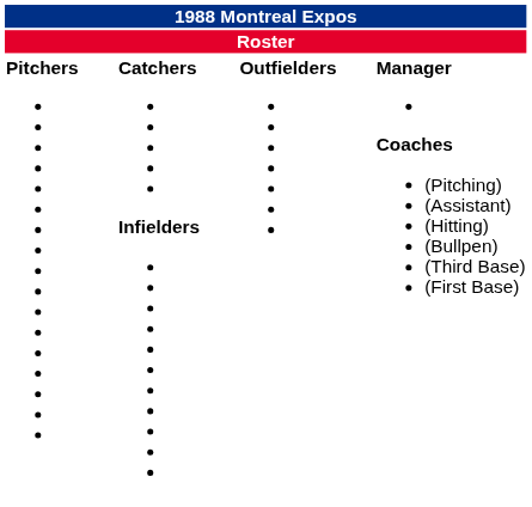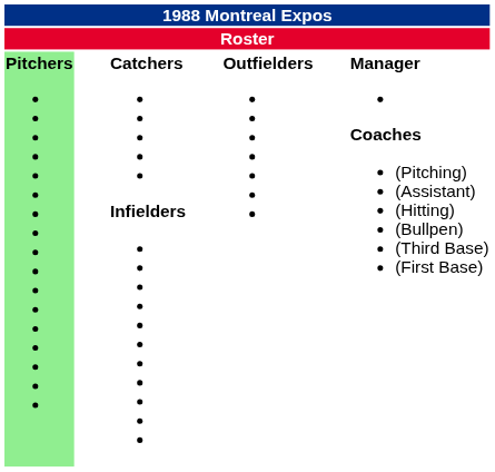 <table class="toccolours" style="font-size: 95%;">
 <tr>
 <th colspan="10" style="background-color: #003087; color: #FFFFFF; text-align: center;">1988 Montreal Expos</th>
 </tr>
 <tr>
 <td colspan="10" style="background-color: #E4002B; color: #FFFFFF; text-align: center;"><strong>Roster</strong></td>
 </tr>
 <tr>
-<td valign="top"><strong>Pitchers</strong><br><ul><li></li><li></li><li></li><li></li><li></li><li></li><li></li><li></li><li></li><li></li><li></li><li></li><li></li><li></li><li></li><li></li><li></li></ul></td>
+<td valign="top" style="background: lightgreen;"><strong>Pitchers</strong><br><ul><li></li><li></li><li></li><li></li><li></li><li></li><li></li><li></li><li></li><li></li><li></li><li></li><li></li><li></li><li></li><li></li><li></li></ul></td>
 <td width="25px"></td>
 <td valign="top"><strong>Catchers</strong><br><ul><li></li><li></li><li></li><li></li><li></li></ul><strong>Infielders</strong><ul><li></li><li></li><li></li><li></li><li></li><li></li><li></li><li></li><li></li><li></li><li></li></ul></td>
 <td width="25px"></td>
 <td valign="top"><strong>Outfielders</strong><br><ul><li></li><li></li><li></li><li></li><li></li><li></li><li></li></ul></td>
 <td width="25px"></td>
 <td valign="top"><strong>Manager</strong><br><ul><li></li></ul><strong>Coaches</strong><ul><li> (Pitching)</li><li> (Assistant)</li><li> (Hitting)</li><li> (Bullpen)</li><li> (Third Base)</li><li> (First Base)</li></ul></td>
 </tr>
 <tr>
 </tr>
 </table>
